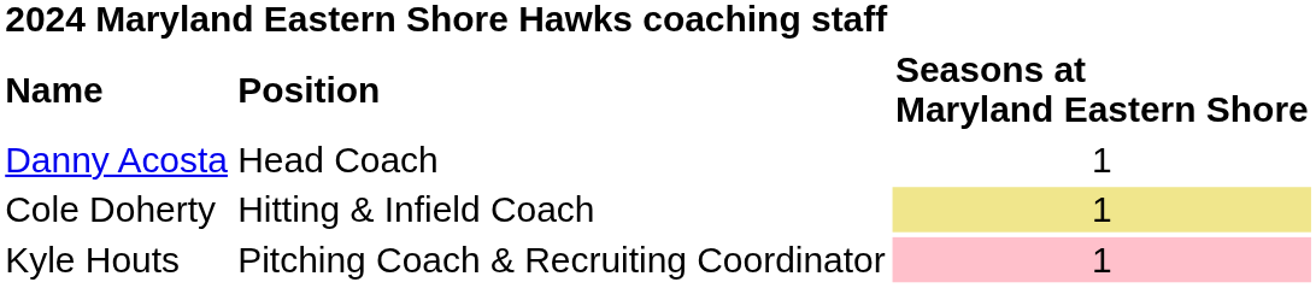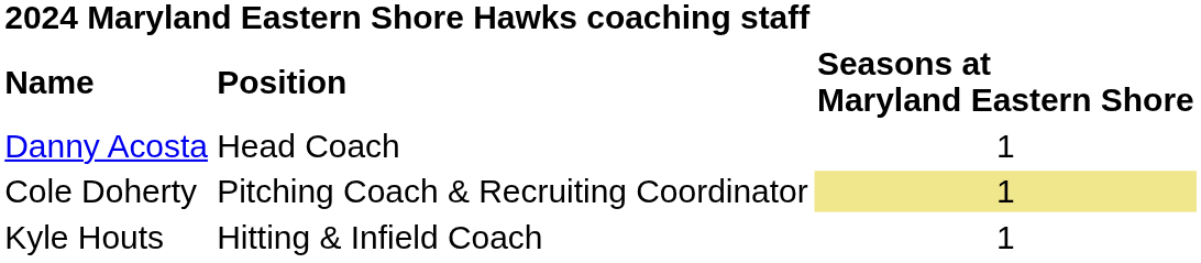 <table class="toccolours" style="text-align: left; font-size:90%;">
 <tr>
 <th colspan="9">2024 Maryland Eastern Shore Hawks coaching staff</th>
 </tr>
 <tr>
 <th>Name</th>
 <th>Position</th>
 <th>Seasons at<br>Maryland Eastern Shore</th>
 </tr>
 <tr>
 <td><a href='#'>Danny Acosta</a></td>
 <td>Head Coach</td>
 <td align=center>1</td>
 </tr>
 <tr>
 <td>Cole Doherty</td>
-<td>Hitting & Infield Coach</td>
+<td>Pitching Coach & Recruiting Coordinator</td>
 <td align=center style="background: khaki;">1</td>
 </tr>
 <tr>
 <td>Kyle Houts</td>
-<td>Pitching Coach & Recruiting Coordinator</td>
-<td align=center style="background: pink;">1</td>
+<td>Hitting & Infield Coach</td>
+<td align=center>1</td>
 </tr>
 </table>
